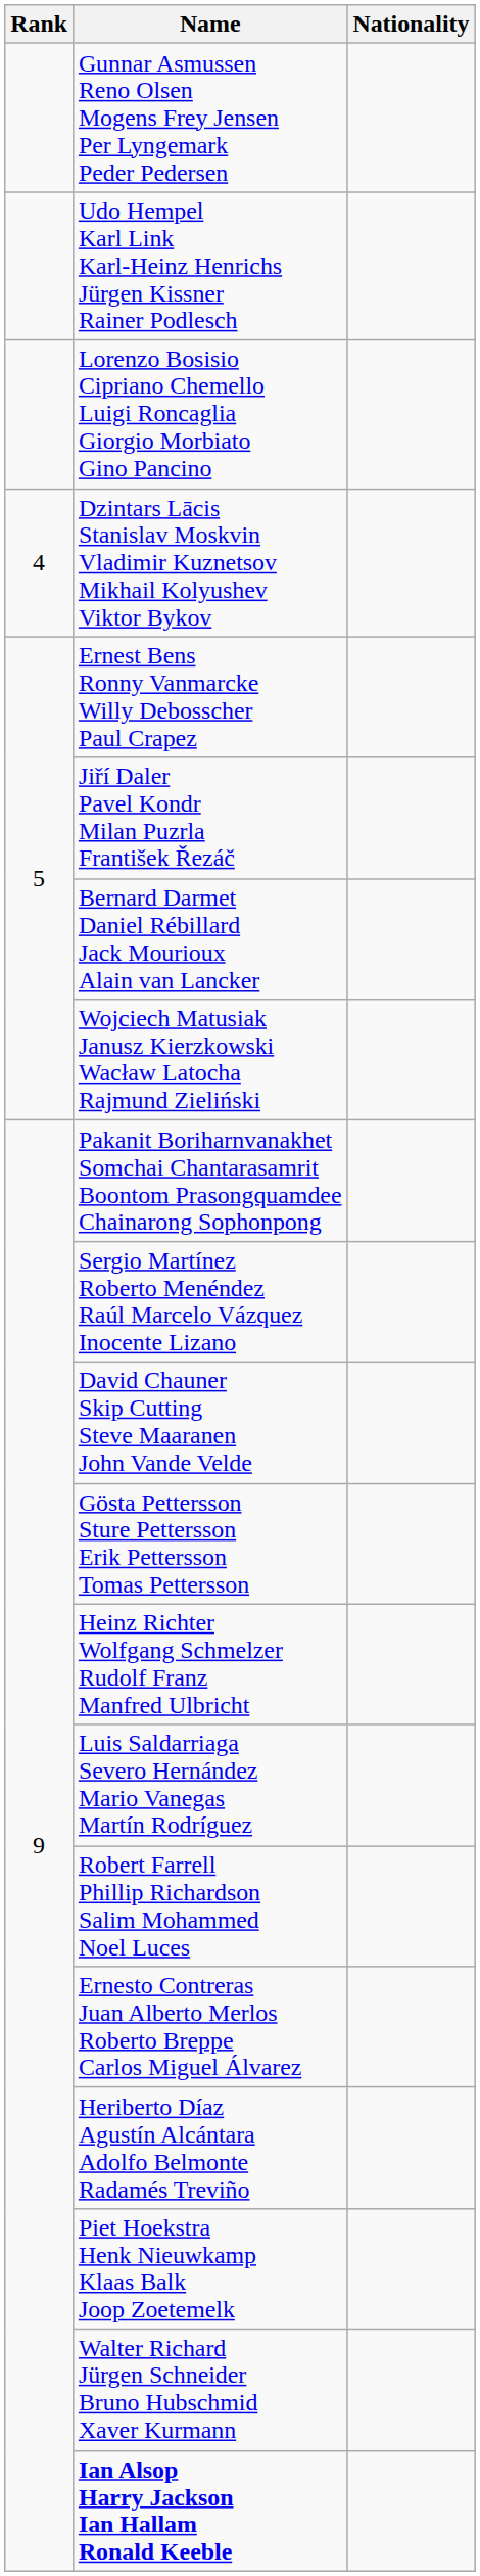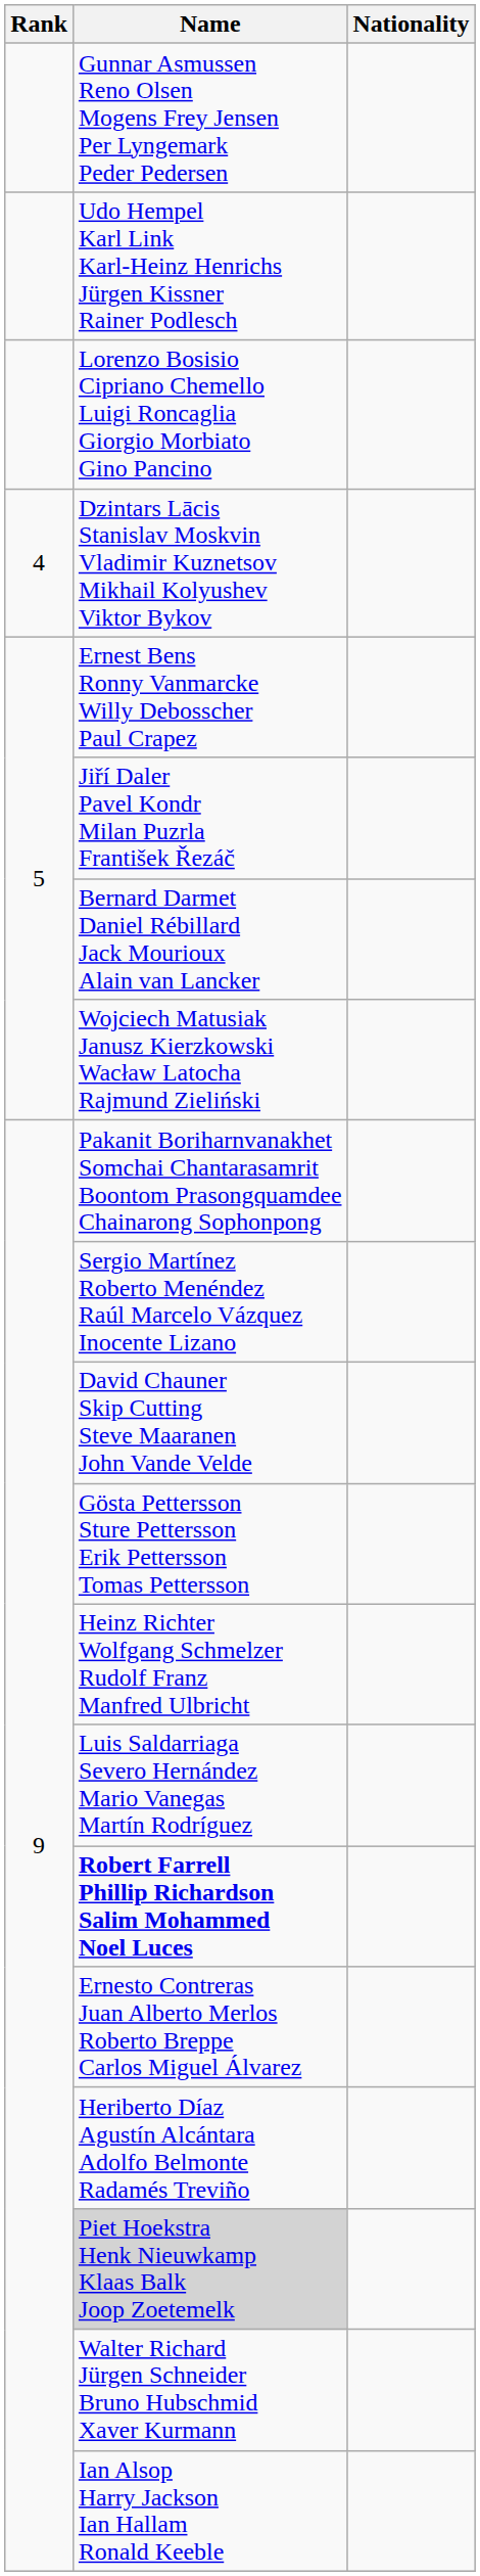 <table class="wikitable sortable" style="text-align:center">
 <tr>
 <th>Rank</th>
 <th>Name</th>
 <th>Nationality</th>
 </tr>
 <tr>
 <td></td>
 <td align=left><a href='#'>Gunnar Asmussen</a><br><a href='#'>Reno Olsen</a><br><a href='#'>Mogens Frey Jensen</a><br><a href='#'>Per Lyngemark</a><br><a href='#'>Peder Pedersen</a></td>
 <td align=left></td>
 </tr>
 <tr>
 <td></td>
 <td align=left><a href='#'>Udo Hempel</a><br><a href='#'>Karl Link</a><br><a href='#'>Karl-Heinz Henrichs</a><br><a href='#'>Jürgen Kissner</a><br><a href='#'>Rainer Podlesch</a></td>
 <td align=left></td>
 </tr>
 <tr>
 <td></td>
 <td align=left><a href='#'>Lorenzo Bosisio</a><br><a href='#'>Cipriano Chemello</a><br><a href='#'>Luigi Roncaglia</a><br><a href='#'>Giorgio Morbiato</a><br><a href='#'>Gino Pancino</a></td>
 <td align=left></td>
 </tr>
 <tr>
 <td>4</td>
 <td align=left><a href='#'>Dzintars Lācis</a><br><a href='#'>Stanislav Moskvin</a><br><a href='#'>Vladimir Kuznetsov</a><br><a href='#'>Mikhail Kolyushev</a><br><a href='#'>Viktor Bykov</a></td>
 <td align=left></td>
 </tr>
 <tr>
 <td rowspan=4>5</td>
 <td align=left><a href='#'>Ernest Bens</a><br><a href='#'>Ronny Vanmarcke</a><br><a href='#'>Willy Debosscher</a><br><a href='#'>Paul Crapez</a></td>
 <td align=left></td>
 </tr>
 <tr>
 <td align=left><a href='#'>Jiří Daler</a><br><a href='#'>Pavel Kondr</a><br><a href='#'>Milan Puzrla</a><br><a href='#'>František Řezáč</a></td>
 <td align=left></td>
 </tr>
 <tr>
 <td align=left><a href='#'>Bernard Darmet</a><br><a href='#'>Daniel Rébillard</a><br><a href='#'>Jack Mourioux</a><br><a href='#'>Alain van Lancker</a></td>
 <td align=left></td>
 </tr>
 <tr>
 <td align=left><a href='#'>Wojciech Matusiak</a><br><a href='#'>Janusz Kierzkowski</a><br><a href='#'>Wacław Latocha</a><br><a href='#'>Rajmund Zieliński</a></td>
 <td align=left></td>
 </tr>
 <tr>
 <td rowspan=12>9</td>
 <td align=left><a href='#'>Pakanit Boriharnvanakhet</a><br><a href='#'>Somchai Chantarasamrit</a><br><a href='#'>Boontom Prasongquamdee</a><br><a href='#'>Chainarong Sophonpong</a></td>
 <td align=left></td>
 </tr>
 <tr>
 <td align=left><a href='#'>Sergio Martínez</a><br><a href='#'>Roberto Menéndez</a><br><a href='#'>Raúl Marcelo Vázquez</a><br><a href='#'>Inocente Lizano</a></td>
 <td align=left></td>
 </tr>
 <tr>
 <td align=left><a href='#'>David Chauner</a><br><a href='#'>Skip Cutting</a><br><a href='#'>Steve Maaranen</a><br><a href='#'>John Vande Velde</a></td>
 <td align=left></td>
 </tr>
 <tr>
 <td align=left><a href='#'>Gösta Pettersson</a><br><a href='#'>Sture Pettersson</a><br><a href='#'>Erik Pettersson</a><br><a href='#'>Tomas Pettersson</a></td>
 <td align=left></td>
 </tr>
 <tr>
 <td align=left><a href='#'>Heinz Richter</a><br><a href='#'>Wolfgang Schmelzer</a><br><a href='#'>Rudolf Franz</a><br><a href='#'>Manfred Ulbricht</a></td>
 <td align=left></td>
 </tr>
 <tr>
 <td align=left><a href='#'>Luis Saldarriaga</a><br><a href='#'>Severo Hernández</a><br><a href='#'>Mario Vanegas</a><br><a href='#'>Martín Rodríguez</a></td>
 <td align=left></td>
 </tr>
 <tr>
-<td align=left><a href='#'>Robert Farrell</a><br><a href='#'>Phillip Richardson</a><br><a href='#'>Salim Mohammed</a><br><a href='#'>Noel Luces</a></td>
+<td align=left><strong><a href='#'>Robert Farrell</a><br><a href='#'>Phillip Richardson</a><br><a href='#'>Salim Mohammed</a><br><a href='#'>Noel Luces</a></strong></td>
 <td align=left></td>
 </tr>
 <tr>
 <td align=left><a href='#'>Ernesto Contreras</a><br><a href='#'>Juan Alberto Merlos</a><br><a href='#'>Roberto Breppe</a><br><a href='#'>Carlos Miguel Álvarez</a></td>
 <td align=left></td>
 </tr>
 <tr>
 <td align=left><a href='#'>Heriberto Díaz</a><br><a href='#'>Agustín Alcántara</a><br><a href='#'>Adolfo Belmonte</a><br><a href='#'>Radamés Treviño</a></td>
 <td align=left></td>
 </tr>
 <tr>
-<td align=left><a href='#'>Piet Hoekstra</a><br><a href='#'>Henk Nieuwkamp</a><br><a href='#'>Klaas Balk</a><br><a href='#'>Joop Zoetemelk</a></td>
+<td align=left style="background: lightgrey;"><a href='#'>Piet Hoekstra</a><br><a href='#'>Henk Nieuwkamp</a><br><a href='#'>Klaas Balk</a><br><a href='#'>Joop Zoetemelk</a></td>
 <td align=left></td>
 </tr>
 <tr>
 <td align=left><a href='#'>Walter Richard</a><br><a href='#'>Jürgen Schneider</a><br><a href='#'>Bruno Hubschmid</a><br><a href='#'>Xaver Kurmann</a></td>
 <td align=left></td>
 </tr>
 <tr>
-<td align=left><strong><a href='#'>Ian Alsop</a><br><a href='#'>Harry Jackson</a><br><a href='#'>Ian Hallam</a><br><a href='#'>Ronald Keeble</a></strong></td>
+<td align=left><a href='#'>Ian Alsop</a><br><a href='#'>Harry Jackson</a><br><a href='#'>Ian Hallam</a><br><a href='#'>Ronald Keeble</a></td>
 <td align=left></td>
 </tr>
 <tr>
 </tr>
 </table>
